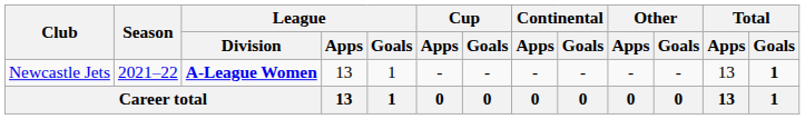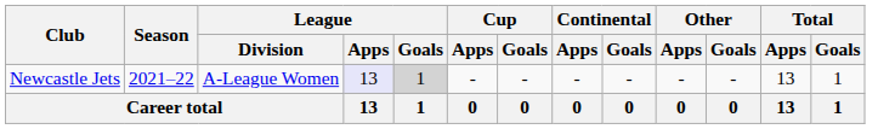 <table class="wikitable" style="text-align:center">
 <tr>
 <th rowspan="2">Club</th>
 <th rowspan="2">Season</th>
 <th colspan="3">League</th>
 <th colspan="2">Cup</th>
 <th colspan="2">Continental</th>
 <th colspan="2">Other</th>
 <th colspan="2">Total</th>
 </tr>
 <tr>
 <th>Division</th>
 <th>Apps</th>
 <th>Goals</th>
 <th>Apps</th>
 <th>Goals</th>
 <th>Apps</th>
 <th>Goals</th>
 <th>Apps</th>
 <th>Goals</th>
 <th>Apps</th>
 <th>Goals</th>
 </tr>
 <tr>
 <td rowspan="1"><a href='#'>Newcastle Jets</a></td>
 <td><a href='#'>2021–22</a></td>
-<td rowspan="1"><strong><a href='#'>A-League Women</a></strong></td>
-<td>13</td>
-<td>1</td>
+<td rowspan="1"><a href='#'>A-League Women</a></td>
+<td style="background: lavender;">13</td>
+<td style="background: lightgrey;">1</td>
 <td>-</td>
 <td>-</td>
 <td>-</td>
 <td>-</td>
 <td>-</td>
 <td>-</td>
 <td>13</td>
-<td><strong>1</strong></td>
+<td>1</td>
 </tr>
 <tr>
 <th colspan="3">Career total</th>
 <th>13</th>
 <th>1</th>
 <th>0</th>
 <th>0</th>
 <th>0</th>
 <th>0</th>
 <th>0</th>
 <th>0</th>
 <th>13</th>
 <th>1</th>
 </tr>
 </table>
